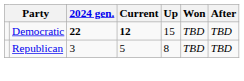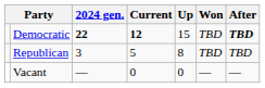 <table class="wikitable defaultcenter">
 <tr>
 <th colspan=2>Party</th>
 <th><a href='#'>2024 gen.</a></th>
 <th>Current</th>
 <th>Up</th>
 <th>Won</th>
 <th>After</th>
 </tr>
 <tr>
 <td style="background:"></td>
 <td><a href='#'>Democratic</a></td>
 <td><strong>22</strong></td>
 <td><strong>12</strong></td>
 <td>15</td>
 <td><em>TBD</em></td>
-<td><em>TBD</em></td>
+<td><strong><em>TBD</em></strong></td>
 </tr>
 <tr>
 <td style="background:"></td>
 <td><a href='#'>Republican</a></td>
 <td>3</td>
 <td>5</td>
 <td>8</td>
 <td><em>TBD</em></td>
 <td><em>TBD</em></td>
 </tr>
+<tr>
+<td style="background:#ffffff;"></td>
+<td>Vacant</td>
+<td>—</td>
+<td>0</td>
+<td>0</td>
+<td>—</td>
+<td>—</td>
+</tr>
 </table>
